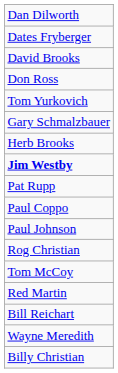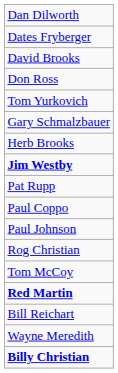 <table class=wikitable style=font-size:90%>
 <tr>
 <td><a href='#'>Dan Dilworth</a></td>
 </tr>
 <tr>
 <td><a href='#'>Dates Fryberger</a></td>
 </tr>
 <tr>
 <td><a href='#'>David Brooks</a></td>
 </tr>
 <tr>
 <td><a href='#'>Don Ross</a></td>
 </tr>
 <tr>
 <td><a href='#'>Tom Yurkovich</a></td>
 </tr>
 <tr>
 <td><a href='#'>Gary Schmalzbauer</a></td>
 </tr>
 <tr>
 <td><a href='#'>Herb Brooks</a></td>
 </tr>
 <tr>
 <td><strong><a href='#'>Jim Westby</a></strong></td>
 </tr>
 <tr>
 <td><a href='#'>Pat Rupp</a></td>
 </tr>
 <tr>
 <td><a href='#'>Paul Coppo</a></td>
 </tr>
 <tr>
 <td><a href='#'>Paul Johnson</a></td>
 </tr>
 <tr>
 <td><a href='#'>Rog Christian</a></td>
 </tr>
 <tr>
 <td><a href='#'>Tom McCoy</a></td>
 </tr>
 <tr>
-<td><a href='#'>Red Martin</a></td>
+<td><strong><a href='#'>Red Martin</a></strong></td>
 </tr>
 <tr>
 <td><a href='#'>Bill Reichart</a></td>
 </tr>
 <tr>
 <td><a href='#'>Wayne Meredith</a></td>
 </tr>
 <tr>
-<td><a href='#'>Billy Christian</a></td>
+<td><strong><a href='#'>Billy Christian</a></strong></td>
 </tr>
 </table>
